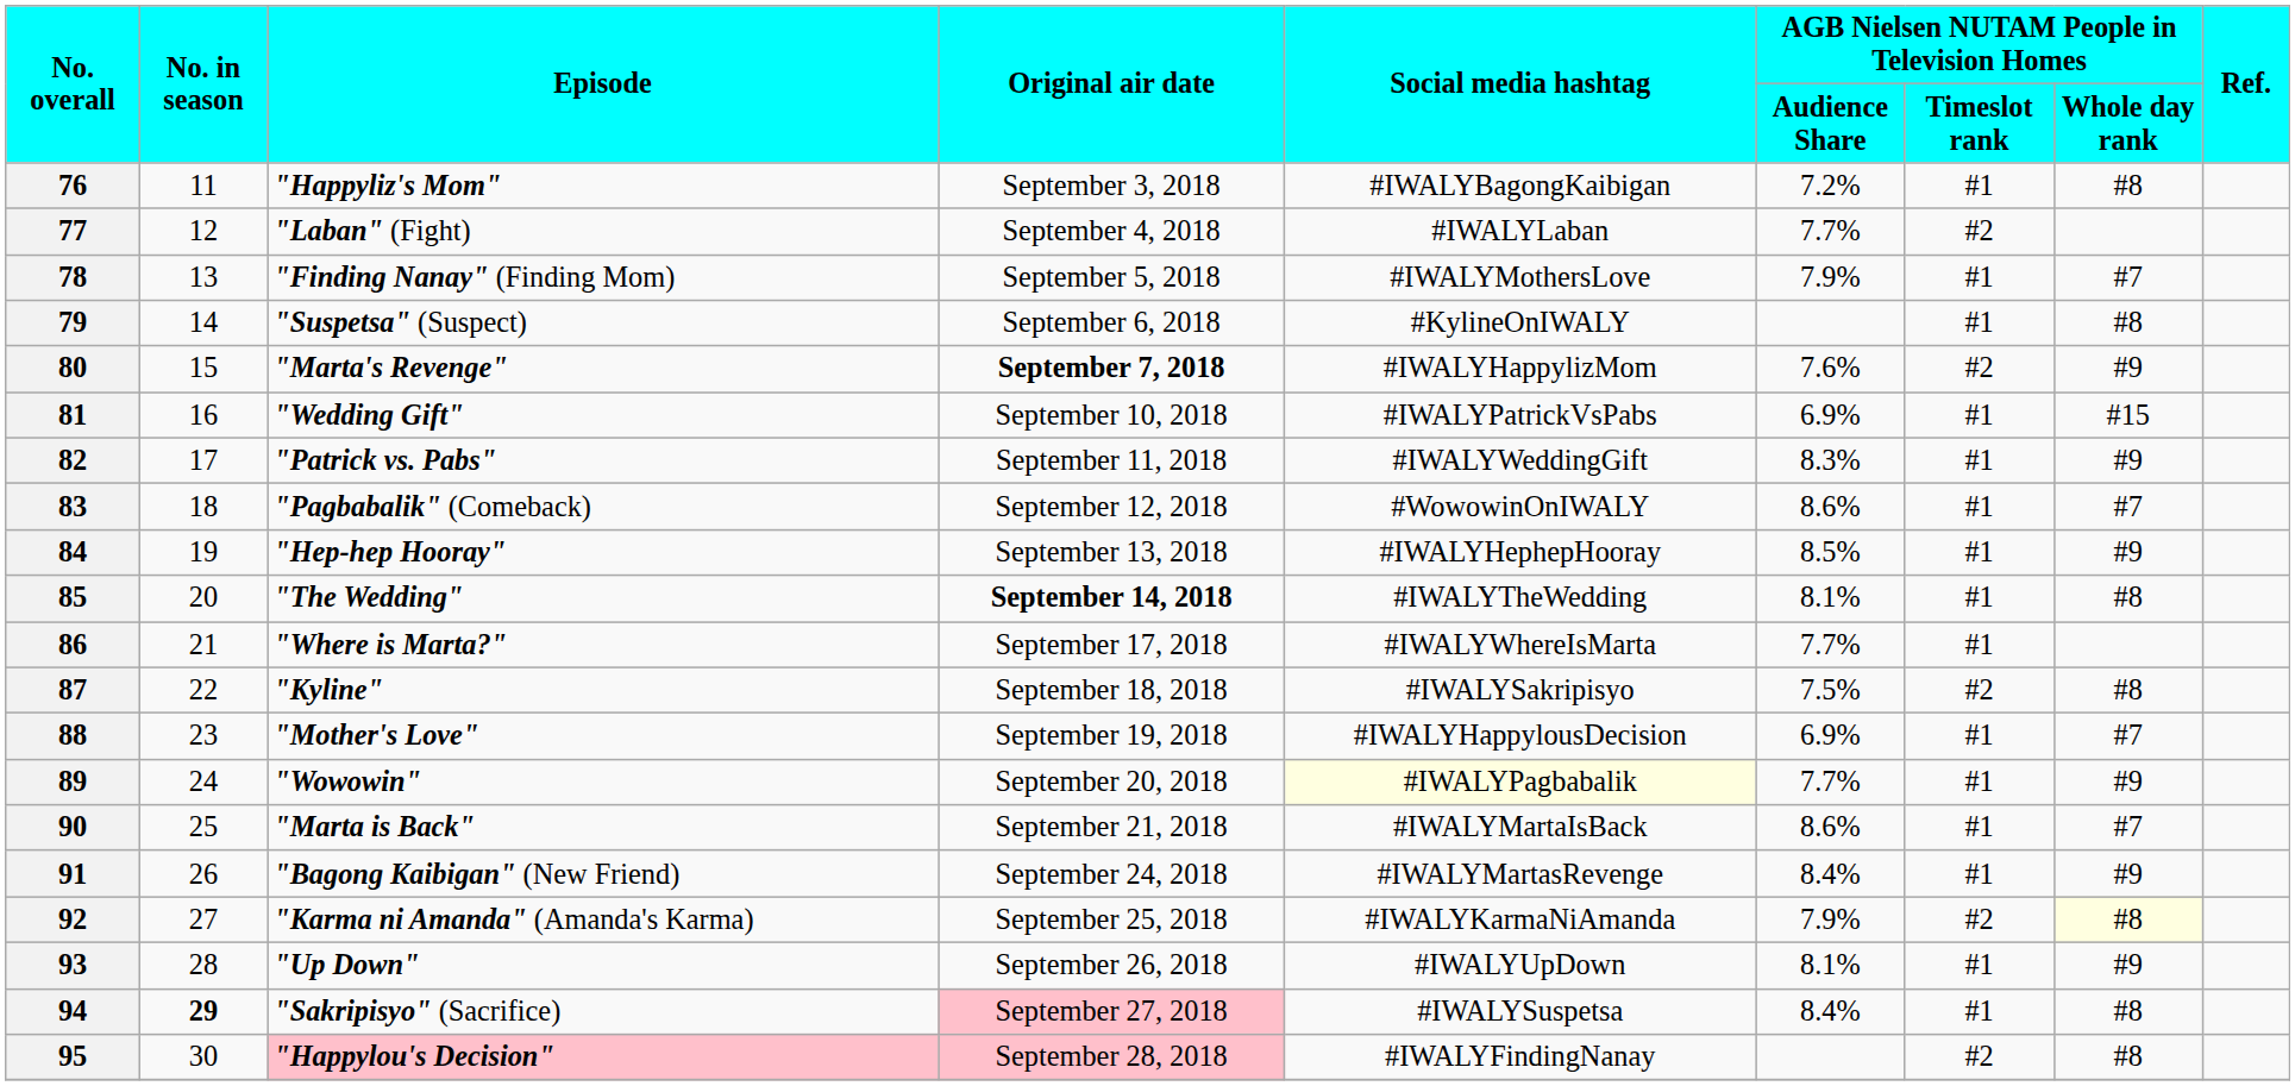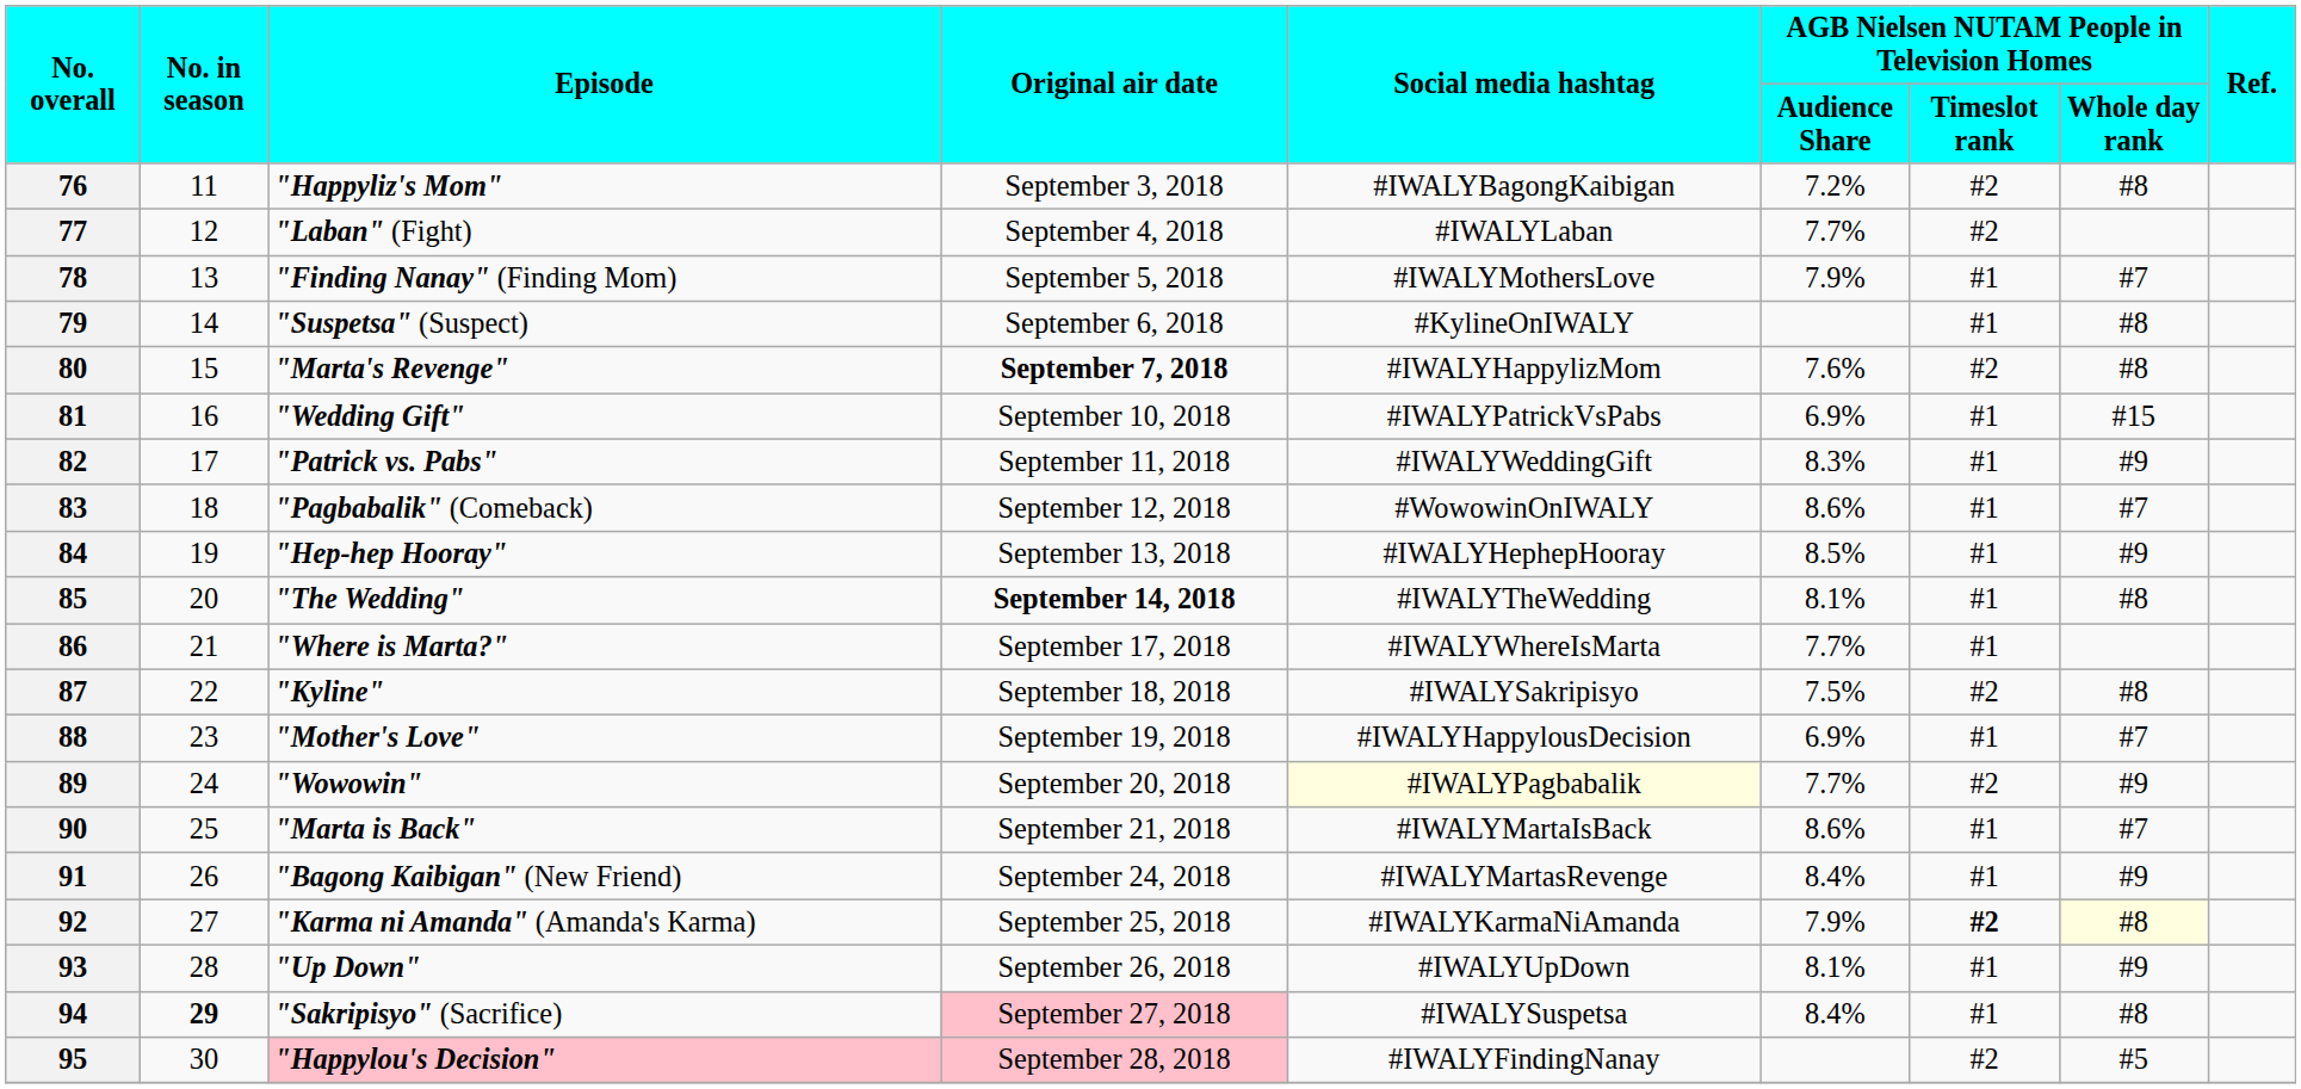 <table class="wikitable" style="text-align:center; font-size:100%; line-height:18px;" width="100%">
 <tr>
 <th style="background-color:#00FFFF; color:black;" rowspan="2">No.<br>overall</th>
 <th style="background-color:#00FFFF; color:black;" rowspan="2">No. in<br>season</th>
 <th style="background-color:#00FFFF; color:black;" rowspan="2">Episode</th>
 <th style="background-color:#00FFFF; color:black" rowspan="2">Original air date</th>
 <th style="background-color:#00FFFF; color:black" rowspan="2">Social media hashtag</th>
 <th style="background-color:#00FFFF; color:black;" colspan="3">AGB Nielsen NUTAM People in Television Homes</th>
 <th style="background-color:#00FFFF; color:black;" rowspan="2">Ref.</th>
 </tr>
 <tr>
 <th style="background-color:#00FFFF; width:75px; color:black;">Audience Share</th>
 <th style="background-color:#00FFFF; width:75px; color:black;">Timeslot<br>rank</th>
 <th style="background-color:#00FFFF; width:75px; color:black;">Whole day<br>rank</th>
 </tr>
 <tr>
 <th>76</th>
 <td>11</td>
 <td style="text-align: left;"><strong><em>"Happyliz's Mom"</em></strong></td>
 <td>September 3, 2018</td>
 <td>#IWALYBagongKaibigan</td>
 <td>7.2%</td>
-<td>#1</td>
+<td>#2</td>
 <td>#8</td>
 <td></td>
 </tr>
 <tr>
 <th>77</th>
 <td>12</td>
 <td style="text-align: left;"><strong><em>"Laban"</em></strong> (Fight)</td>
 <td>September 4, 2018</td>
 <td>#IWALYLaban</td>
 <td>7.7%</td>
 <td>#2</td>
 <td></td>
 <td></td>
 </tr>
 <tr>
 <th>78</th>
 <td>13</td>
 <td style="text-align: left;"><strong><em>"Finding Nanay"</em></strong> (Finding Mom)</td>
 <td>September 5, 2018</td>
 <td>#IWALYMothersLove</td>
 <td>7.9%</td>
 <td>#1</td>
 <td>#7</td>
 <td></td>
 </tr>
 <tr>
 <th>79</th>
 <td>14</td>
 <td style="text-align: left;"><strong><em>"Suspetsa"</em></strong> (Suspect)</td>
 <td>September 6, 2018</td>
 <td>#KylineOnIWALY</td>
 <td></td>
 <td>#1</td>
 <td>#8</td>
 <td></td>
 </tr>
 <tr>
 <th>80</th>
 <td>15</td>
 <td style="text-align: left;"><strong><em>"Marta's Revenge"</em></strong></td>
 <td><strong>September 7, 2018</strong></td>
 <td>#IWALYHappylizMom</td>
 <td>7.6%</td>
 <td>#2</td>
-<td>#9</td>
+<td>#8</td>
 <td></td>
 </tr>
 <tr>
 <th>81</th>
 <td>16</td>
 <td style="text-align: left;"><strong><em>"Wedding Gift"</em></strong></td>
 <td>September 10, 2018</td>
 <td>#IWALYPatrickVsPabs</td>
 <td>6.9%</td>
 <td>#1</td>
 <td>#15</td>
 <td></td>
 </tr>
 <tr>
 <th>82</th>
 <td>17</td>
 <td style="text-align: left;"><strong><em>"Patrick vs. Pabs"</em></strong></td>
 <td>September 11, 2018</td>
 <td>#IWALYWeddingGift</td>
 <td>8.3%</td>
 <td>#1</td>
 <td>#9</td>
 <td></td>
 </tr>
 <tr>
 <th>83</th>
 <td>18</td>
 <td style="text-align: left;"><strong><em>"Pagbabalik"</em></strong> (Comeback)</td>
 <td>September 12, 2018</td>
 <td>#WowowinOnIWALY</td>
 <td>8.6%</td>
 <td>#1</td>
 <td>#7</td>
 <td></td>
 </tr>
 <tr>
 <th>84</th>
 <td>19</td>
 <td style="text-align: left;"><strong><em>"Hep-hep Hooray"</em></strong></td>
 <td>September 13, 2018</td>
 <td>#IWALYHephepHooray</td>
 <td>8.5%</td>
 <td>#1</td>
 <td>#9</td>
 <td></td>
 </tr>
 <tr>
 <th>85</th>
 <td>20</td>
 <td style="text-align: left;"><strong><em>"The Wedding"</em></strong></td>
 <td><strong>September 14, 2018</strong></td>
 <td>#IWALYTheWedding</td>
 <td>8.1%</td>
 <td>#1</td>
 <td>#8</td>
 <td></td>
 </tr>
 <tr>
 <th>86</th>
 <td>21</td>
 <td style="text-align: left;"><strong><em>"Where is Marta?"</em></strong></td>
 <td>September 17, 2018</td>
 <td>#IWALYWhereIsMarta</td>
 <td>7.7%</td>
 <td>#1</td>
 <td></td>
 <td></td>
 </tr>
 <tr>
 <th>87</th>
 <td>22</td>
 <td style="text-align: left;"><strong><em>"Kyline"</em></strong></td>
 <td>September 18, 2018</td>
 <td>#IWALYSakripisyo</td>
 <td>7.5%</td>
 <td>#2</td>
 <td>#8</td>
 <td></td>
 </tr>
 <tr>
 <th>88</th>
 <td>23</td>
 <td style="text-align: left;"><strong><em>"Mother's Love"</em></strong></td>
 <td>September 19, 2018</td>
 <td>#IWALYHappylousDecision</td>
 <td>6.9%</td>
 <td>#1</td>
 <td>#7</td>
 <td></td>
 </tr>
 <tr>
 <th>89</th>
 <td>24</td>
 <td style="text-align: left;"><strong><em>"Wowowin"</em></strong></td>
 <td>September 20, 2018</td>
 <td style="background: lightyellow;">#IWALYPagbabalik</td>
 <td>7.7%</td>
-<td>#1</td>
+<td>#2</td>
 <td>#9</td>
 <td></td>
 </tr>
 <tr>
 <th>90</th>
 <td>25</td>
 <td style="text-align: left;"><strong><em>"Marta is Back"</em></strong></td>
 <td>September 21, 2018</td>
 <td>#IWALYMartaIsBack</td>
 <td>8.6%</td>
 <td>#1</td>
 <td>#7</td>
 <td></td>
 </tr>
 <tr>
 <th>91</th>
 <td>26</td>
 <td style="text-align: left;"><strong><em>"Bagong Kaibigan"</em></strong> (New Friend)</td>
 <td>September 24, 2018</td>
 <td>#IWALYMartasRevenge</td>
 <td>8.4%</td>
 <td>#1</td>
 <td>#9</td>
 <td></td>
 </tr>
 <tr>
 <th>92</th>
 <td>27</td>
 <td style="text-align: left;"><strong><em>"Karma ni Amanda"</em></strong> (Amanda's Karma)</td>
 <td>September 25, 2018</td>
 <td>#IWALYKarmaNiAmanda</td>
 <td>7.9%</td>
-<td>#2</td>
+<td><strong>#2</strong></td>
 <td style="background: lightyellow;">#8</td>
 <td></td>
 </tr>
 <tr>
 <th>93</th>
 <td>28</td>
 <td style="text-align: left;"><strong><em>"Up Down"</em></strong></td>
 <td>September 26, 2018</td>
 <td>#IWALYUpDown</td>
 <td>8.1%</td>
 <td>#1</td>
 <td>#9</td>
 <td></td>
 </tr>
 <tr>
 <th>94</th>
 <td><strong>29</strong></td>
 <td style="text-align: left;"><strong><em>"Sakripisyo"</em></strong> (Sacrifice)</td>
 <td style="background: pink;">September 27, 2018</td>
 <td>#IWALYSuspetsa</td>
 <td>8.4%</td>
 <td>#1</td>
 <td>#8</td>
 <td></td>
 </tr>
 <tr>
 <th>95</th>
 <td>30</td>
 <td style="background: pink; text-align: left;"><strong><em>"Happylou's Decision"</em></strong></td>
 <td style="background: pink;">September 28, 2018</td>
 <td>#IWALYFindingNanay</td>
 <td></td>
 <td>#2</td>
-<td>#8</td>
+<td>#5</td>
 <td></td>
 </tr>
 <tr>
 </tr>
 </table>
